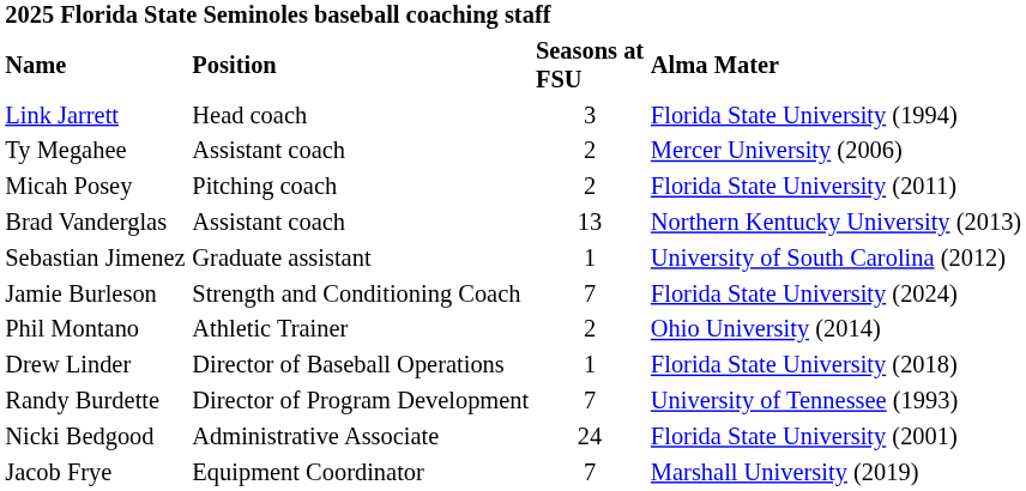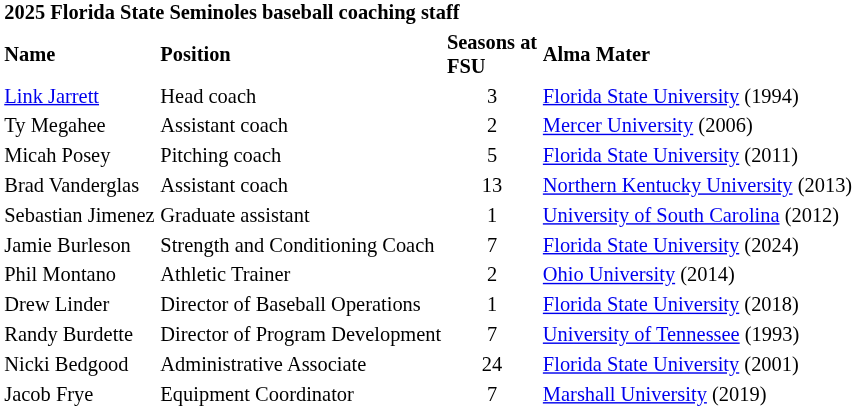 <table class="toccolours" style="text-align: left; font-size:90%;">
 <tr>
 <th colspan="4">2025 Florida State Seminoles baseball coaching staff</th>
 </tr>
 <tr>
 <th>Name</th>
 <th>Position</th>
 <th>Seasons at<br>FSU</th>
 <th>Alma Mater</th>
 </tr>
 <tr>
 <td><a href='#'>Link Jarrett</a></td>
 <td>Head coach</td>
 <td align=center>3</td>
 <td><a href='#'>Florida State University</a> (1994)</td>
 </tr>
 <tr>
 <td>Ty Megahee</td>
 <td>Assistant coach</td>
 <td align=center>2</td>
 <td><a href='#'>Mercer University</a> (2006)</td>
 </tr>
 <tr>
 <td>Micah Posey</td>
 <td>Pitching coach</td>
-<td align=center>2</td>
+<td align=center>5</td>
 <td><a href='#'>Florida State University</a> (2011)</td>
 </tr>
 <tr>
 <td>Brad Vanderglas</td>
 <td>Assistant coach</td>
 <td align=center>13</td>
 <td><a href='#'>Northern Kentucky University</a> (2013)</td>
 </tr>
 <tr>
 <td>Sebastian Jimenez</td>
 <td>Graduate assistant</td>
 <td align=center>1</td>
 <td><a href='#'>University of South Carolina</a> (2012)</td>
 </tr>
 <tr>
 <td>Jamie Burleson</td>
 <td>Strength and Conditioning Coach</td>
 <td align=center>7</td>
 <td><a href='#'>Florida State University</a> (2024)</td>
 </tr>
 <tr>
 <td>Phil Montano</td>
 <td>Athletic Trainer</td>
 <td align=center>2</td>
 <td><a href='#'>Ohio University</a> (2014)</td>
 </tr>
 <tr>
 <td>Drew Linder</td>
 <td>Director of Baseball Operations</td>
 <td align=center>1</td>
 <td><a href='#'>Florida State University</a> (2018)</td>
 </tr>
 <tr>
 <td>Randy Burdette</td>
 <td>Director of Program Development</td>
 <td align=center>7</td>
 <td><a href='#'>University of Tennessee</a> (1993)</td>
 </tr>
 <tr>
 <td>Nicki Bedgood</td>
 <td>Administrative Associate</td>
 <td align=center>24</td>
 <td><a href='#'>Florida State University</a> (2001)</td>
 </tr>
 <tr>
 <td>Jacob Frye</td>
 <td>Equipment Coordinator</td>
 <td align=center>7</td>
 <td><a href='#'>Marshall University</a> (2019)</td>
 </tr>
 </table>
